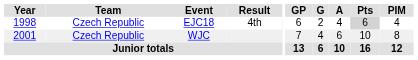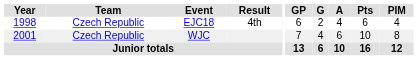 <table border="0" cellpadding="1" cellspacing="0" ID="Table3" style="text-align:center; width:40em">
 <tr ALIGN="center" bgcolor="#e0e0e0">
 <th>Year</th>
 <th>Team</th>
 <th>Event</th>
 <th>Result</th>
 <th rowspan="99" bgcolor="#ffffff"></th>
 <th>GP</th>
 <th>G</th>
 <th>A</th>
 <th>Pts</th>
 <th>PIM</th>
 </tr>
 <tr>
 <td><a href='#'>1998</a></td>
 <td><a href='#'>Czech Republic</a></td>
 <td><a href='#'>EJC18</a></td>
 <td>4th</td>
 <td>6</td>
 <td>2</td>
 <td>4</td>
-<td style="background: lightgrey;">6</td>
+<td>6</td>
 <td>4</td>
 </tr>
 <tr bgcolor="#f0f0f0">
 <td><a href='#'>2001</a></td>
 <td><a href='#'>Czech Republic</a></td>
 <td><a href='#'>WJC</a></td>
 <td></td>
 <td>7</td>
 <td>4</td>
 <td>6</td>
 <td>10</td>
 <td>8</td>
 </tr>
 <tr bgcolor="#e0e0e0">
 <th colspan=4>Junior totals</th>
 <th>13</th>
 <th>6</th>
 <th>10</th>
 <th>16</th>
 <th>12</th>
 </tr>
 </table>
